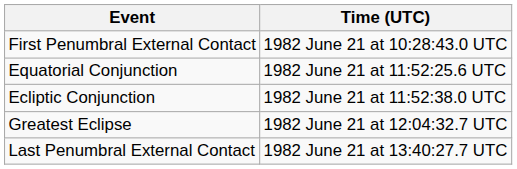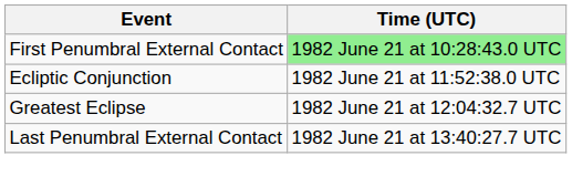 <table class="wikitable">
 <tr>
 <th>Event</th>
 <th>Time (UTC)</th>
 </tr>
 <tr>
 <td>First Penumbral External Contact</td>
-<td>1982 June 21 at 10:28:43.0 UTC</td>
-</tr>
-<tr>
-<td>Equatorial Conjunction</td>
-<td>1982 June 21 at 11:52:25.6 UTC</td>
+<td style="background: lightgreen;">1982 June 21 at 10:28:43.0 UTC</td>
 </tr>
 <tr>
 <td>Ecliptic Conjunction</td>
 <td>1982 June 21 at 11:52:38.0 UTC</td>
 </tr>
 <tr>
 <td>Greatest Eclipse</td>
 <td>1982 June 21 at 12:04:32.7 UTC</td>
 </tr>
 <tr>
 <td>Last Penumbral External Contact</td>
 <td>1982 June 21 at 13:40:27.7 UTC</td>
 </tr>
 </table>
